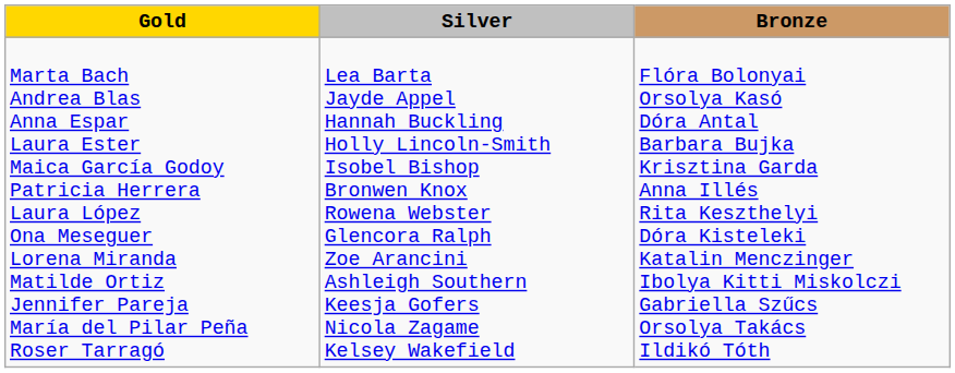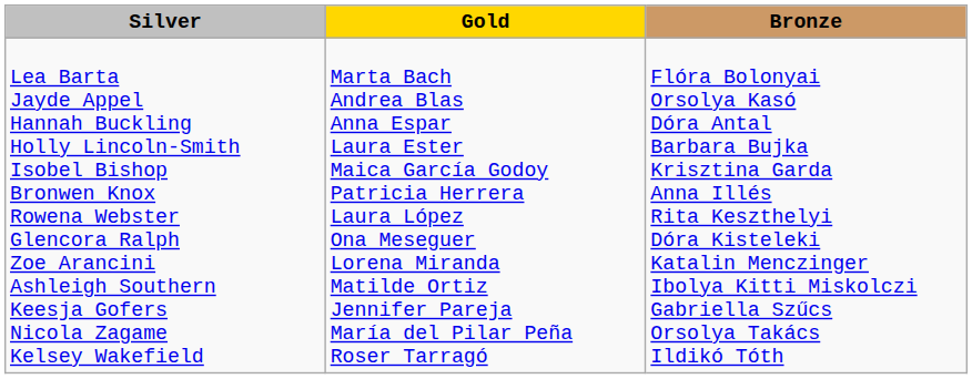 <table class="wikitable" style="text-align:left">
 <tr align="center">
+<td width=200 bgcolor=silver><strong>Silver</strong></td>
 <td width=200 bgcolor=gold><strong>Gold</strong></td>
-<td width=200 bgcolor=silver><strong>Silver</strong></td>
 <td width=200 bgcolor=CC9966><strong>Bronze</strong></td>
 </tr>
 <tr>
+<td><br><a href='#'>Lea Barta</a><br><a href='#'>Jayde Appel</a><br><a href='#'>Hannah Buckling</a><br><a href='#'>Holly Lincoln-Smith</a><br><a href='#'>Isobel Bishop</a><br><a href='#'>Bronwen Knox</a><br><a href='#'>Rowena Webster</a><br><a href='#'>Glencora Ralph</a><br><a href='#'>Zoe Arancini</a><br><a href='#'>Ashleigh Southern</a><br><a href='#'>Keesja Gofers</a><br><a href='#'>Nicola Zagame</a><br><a href='#'>Kelsey Wakefield</a></td>
 <td><br><a href='#'>Marta Bach</a><br><a href='#'>Andrea Blas</a><br><a href='#'>Anna Espar</a><br><a href='#'>Laura Ester</a><br><a href='#'>Maica García Godoy</a><br><a href='#'>Patricia Herrera</a><br><a href='#'>Laura López</a><br><a href='#'>Ona Meseguer</a><br><a href='#'>Lorena Miranda</a><br><a href='#'>Matilde Ortiz</a><br><a href='#'>Jennifer Pareja</a><br><a href='#'>María del Pilar Peña</a><br><a href='#'>Roser Tarragó</a></td>
-<td><br><a href='#'>Lea Barta</a><br><a href='#'>Jayde Appel</a><br><a href='#'>Hannah Buckling</a><br><a href='#'>Holly Lincoln-Smith</a><br><a href='#'>Isobel Bishop</a><br><a href='#'>Bronwen Knox</a><br><a href='#'>Rowena Webster</a><br><a href='#'>Glencora Ralph</a><br><a href='#'>Zoe Arancini</a><br><a href='#'>Ashleigh Southern</a><br><a href='#'>Keesja Gofers</a><br><a href='#'>Nicola Zagame</a><br><a href='#'>Kelsey Wakefield</a></td>
 <td><br><a href='#'>Flóra Bolonyai</a><br><a href='#'>Orsolya Kasó</a><br><a href='#'>Dóra Antal</a><br><a href='#'>Barbara Bujka</a><br><a href='#'>Krisztina Garda</a><br><a href='#'>Anna Illés</a><br><a href='#'>Rita Keszthelyi</a><br><a href='#'>Dóra Kisteleki</a><br><a href='#'>Katalin Menczinger</a><br><a href='#'>Ibolya Kitti Miskolczi</a><br><a href='#'>Gabriella Szűcs</a><br><a href='#'>Orsolya Takács</a><br><a href='#'>Ildikó Tóth</a></td>
 </tr>
 </table>
